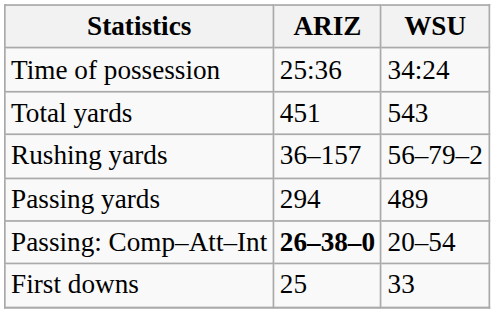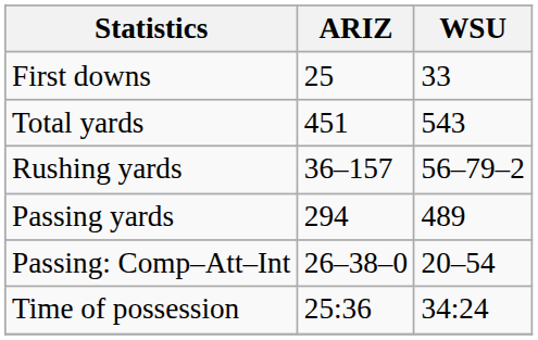 <table class="wikitable" style="float: left;">
 <tr>
 <th>Statistics</th>
 <th>ARIZ</th>
 <th>WSU</th>
 </tr>
 <tr>
-<td>Time of possession</td>
-<td>25:36</td>
-<td>34:24</td>
+<td>First downs</td>
+<td>25</td>
+<td>33</td>
 </tr>
 <tr>
 <td>Total yards</td>
 <td>451</td>
 <td>543</td>
 </tr>
 <tr>
 <td>Rushing yards</td>
 <td>36–157</td>
 <td>56–79–2</td>
 </tr>
 <tr>
 <td>Passing yards</td>
 <td>294</td>
 <td>489</td>
 </tr>
 <tr>
 <td>Passing: Comp–Att–Int</td>
-<td><strong>26–38–0</strong></td>
+<td>26–38–0</td>
 <td>20–54</td>
 </tr>
 <tr>
-<td>First downs</td>
-<td>25</td>
-<td>33</td>
+<td>Time of possession</td>
+<td>25:36</td>
+<td>34:24</td>
 </tr>
 <tr>
 </tr>
 </table>
